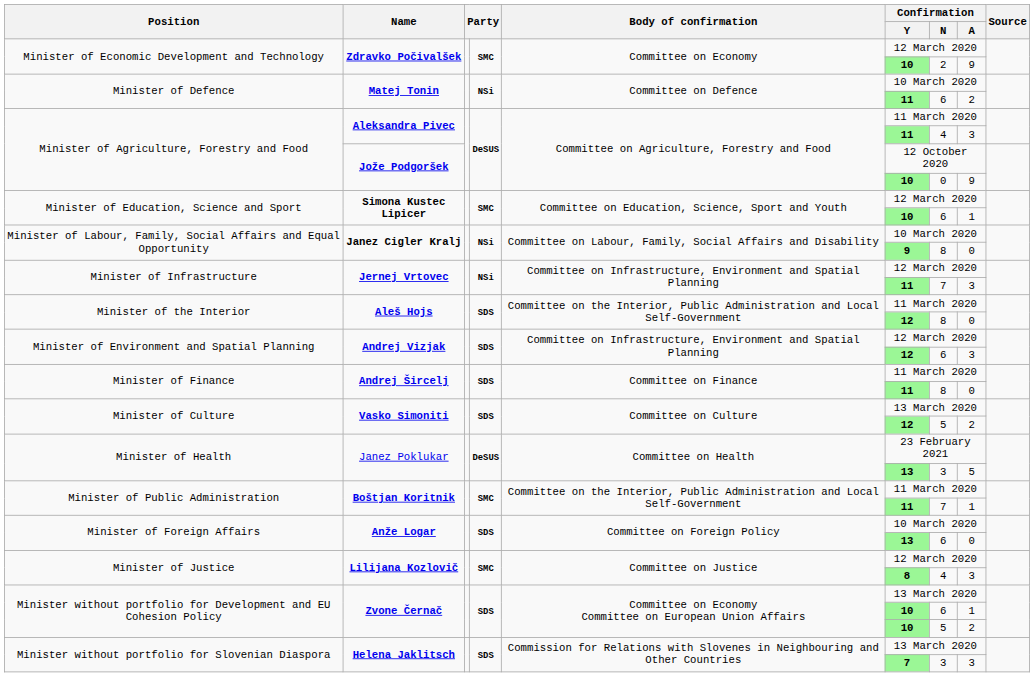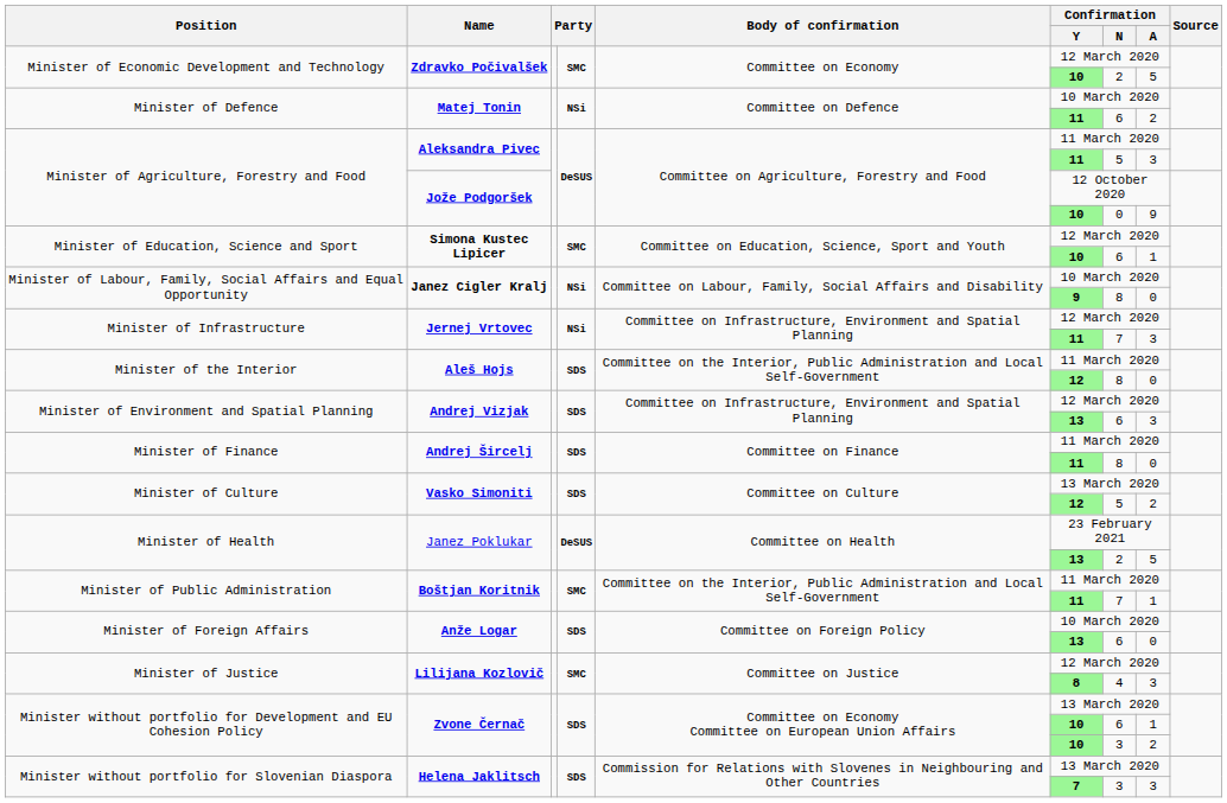 <table class="wikitable" style="text-align: center;">
 <tr>
 <th rowspan="2">Position</th>
 <th rowspan="2">Name</th>
 <th colspan="2" rowspan="2">Party</th>
 <th rowspan="2">Body of confirmation</th>
 <th colspan="3">Confirmation</th>
 <th rowspan="2">Source</th>
 </tr>
 <tr>
 <th>Y</th>
 <th>N</th>
 <th>A</th>
 </tr>
 <tr>
 <td rowspan="2">Minister of Economic Development and Technology</td>
 <td rowspan="2"><strong><a href='#'>Zdravko Počivalšek</a></strong></td>
 <td rowspan="2" style="background:"></td>
 <td rowspan="2"><strong><small>SMC</small></strong></td>
 <td rowspan="2">Committee on Economy</td>
 <td colspan="3">12 March 2020</td>
 <td rowspan="2"></td>
 </tr>
 <tr>
 <td style="background:#9bf796;"><strong>10</strong></td>
 <td>2</td>
-<td>9</td>
+<td>5</td>
 </tr>
 <tr>
 <td rowspan="2">Minister of Defence</td>
 <td rowspan="2"><strong><a href='#'>Matej Tonin</a></strong></td>
 <td rowspan="2" style="background:"></td>
 <td rowspan="2"><strong><small>NSi</small></strong></td>
 <td rowspan="2">Committee on Defence</td>
 <td colspan="3">10 March 2020</td>
 <td rowspan="2"></td>
 </tr>
 <tr>
 <td style="background:#9bf796;"><strong>11</strong></td>
 <td>6</td>
 <td>2</td>
 </tr>
 <tr>
 <td rowspan="4">Minister of Agriculture, Forestry and Food</td>
 <td rowspan="2"><strong><a href='#'>Aleksandra Pivec</a></strong></td>
 <td rowspan="4" style="background:"></td>
 <td rowspan="4"><strong><small>DeSUS</small></strong></td>
 <td rowspan="4">Committee on Agriculture, Forestry and Food</td>
 <td colspan="3">11 March 2020</td>
 <td rowspan="2"></td>
 </tr>
 <tr>
 <td style="background:#9bf796;"><strong>11</strong></td>
-<td>4</td>
+<td>5</td>
 <td>3</td>
 </tr>
 <tr>
 <td rowspan="2"><strong><a href='#'>Jože Podgoršek</a></strong></td>
 <td colspan="3">12 October 2020</td>
 <td rowspan="2"></td>
 </tr>
 <tr>
 <td style="background:#9bf796;"><strong>10</strong></td>
 <td>0</td>
 <td>9</td>
 </tr>
 <tr>
 <td rowspan="2">Minister of Education, Science and Sport</td>
 <td rowspan="2"><strong>Simona Kustec Lipicer</strong></td>
 <td rowspan="2" style="background:"></td>
 <td rowspan="2"><strong><small>SMC</small></strong></td>
 <td rowspan="2">Committee on Education, Science, Sport and Youth</td>
 <td colspan="3">12 March 2020</td>
 <td rowspan="2"></td>
 </tr>
 <tr>
 <td style="background:#9bf796;"><strong>10</strong></td>
 <td>6</td>
 <td>1</td>
 </tr>
 <tr>
 <td rowspan="2">Minister of Labour, Family, Social Affairs and Equal Opportunity</td>
 <td rowspan="2"><strong>Janez Cigler Kralj</strong></td>
 <td rowspan="2" style="background:"></td>
 <td rowspan="2"><strong><small>NSi</small></strong></td>
 <td rowspan="2">Committee on Labour, Family, Social Affairs and Disability</td>
 <td colspan="3">10 March 2020</td>
 <td rowspan="2"></td>
 </tr>
 <tr>
 <td style="background:#9bf796;"><strong>9</strong></td>
 <td>8</td>
 <td>0</td>
 </tr>
 <tr>
 <td rowspan="2">Minister of Infrastructure</td>
 <td rowspan="2"><strong><a href='#'>Jernej Vrtovec</a></strong></td>
 <td rowspan="2" style="background:"></td>
 <td rowspan="2"><strong><small>NSi</small></strong></td>
 <td rowspan="2">Committee on Infrastructure, Environment and Spatial Planning</td>
 <td colspan="3">12 March 2020</td>
 <td rowspan="2"></td>
 </tr>
 <tr>
 <td style="background:#9bf796;"><strong>11</strong></td>
 <td>7</td>
 <td>3</td>
 </tr>
 <tr>
 <td rowspan="2">Minister of the Interior</td>
 <td rowspan="2"><strong><a href='#'>Aleš Hojs</a></strong></td>
 <td rowspan="2" style="background:"></td>
 <td rowspan="2"><strong><small>SDS</small></strong></td>
 <td rowspan="2">Committee on the Interior, Public Administration and Local Self-Government</td>
 <td colspan="3">11 March 2020</td>
 <td rowspan="2"></td>
 </tr>
 <tr>
 <td style="background:#9bf796;"><strong>12</strong></td>
 <td>8</td>
 <td>0</td>
 </tr>
 <tr>
 <td rowspan="2">Minister of Environment and Spatial Planning</td>
 <td rowspan="2"><strong><a href='#'>Andrej Vizjak</a></strong></td>
 <td rowspan="2" style="background:"></td>
 <td rowspan="2"><strong><small>SDS</small></strong></td>
 <td rowspan="2">Committee on Infrastructure, Environment and Spatial Planning</td>
 <td colspan="3">12 March 2020</td>
 <td rowspan="2"></td>
 </tr>
 <tr>
-<td style="background:#9bf796;"><strong>12</strong></td>
+<td style="background:#9bf796;"><strong>13</strong></td>
 <td>6</td>
 <td>3</td>
 </tr>
 <tr>
 <td rowspan="2">Minister of Finance</td>
 <td rowspan="2"><strong><a href='#'>Andrej Šircelj</a></strong></td>
 <td rowspan="2" style="background:"></td>
 <td rowspan="2"><strong><small>SDS</small></strong></td>
 <td rowspan="2">Committee on Finance</td>
 <td colspan="3">11 March 2020</td>
 <td rowspan="2"></td>
 </tr>
 <tr>
 <td style="background:#9bf796;"><strong>11</strong></td>
 <td>8</td>
 <td>0</td>
 </tr>
 <tr>
 <td rowspan="2">Minister of Culture</td>
 <td rowspan="2"><strong><a href='#'>Vasko Simoniti</a></strong></td>
 <td rowspan="2" style="background:"></td>
 <td rowspan="2"><strong><small>SDS</small></strong></td>
 <td rowspan="2">Committee on Culture</td>
 <td colspan="3">13 March 2020</td>
 <td rowspan="2"></td>
 </tr>
 <tr>
 <td style="background:#9bf796;"><strong>12</strong></td>
 <td>5</td>
 <td>2</td>
 </tr>
 <tr>
 <td rowspan="2">Minister of Health</td>
 <td rowspan="2"><a href='#'>Janez Poklukar</a></td>
 <td rowspan="2" style="background:"></td>
 <td rowspan="2"><strong><small>DeSUS</small></strong></td>
 <td rowspan="2">Committee on Health</td>
 <td colspan="3">23 February 2021</td>
 <td rowspan="2"></td>
 </tr>
 <tr>
 <td style="background:#9bf796;"><strong>13</strong></td>
-<td>3</td>
+<td>2</td>
 <td>5</td>
 </tr>
 <tr>
 <td rowspan="2">Minister of Public Administration</td>
 <td rowspan="2"><strong><a href='#'>Boštjan Koritnik</a></strong></td>
 <td rowspan="2" style="background:"></td>
 <td rowspan="2"><strong><small>SMC</small></strong></td>
 <td rowspan="2">Committee on the Interior, Public Administration and Local Self-Government</td>
 <td colspan="3">11 March 2020</td>
 <td rowspan="2"></td>
 </tr>
 <tr>
 <td style="background:#9bf796;"><strong>11</strong></td>
 <td>7</td>
 <td>1</td>
 </tr>
 <tr>
 <td rowspan="2">Minister of Foreign Affairs</td>
 <td rowspan="2"><strong><a href='#'>Anže Logar</a></strong></td>
 <td rowspan="2" style="background:"></td>
 <td rowspan="2"><strong><small>SDS</small></strong></td>
 <td rowspan="2">Committee on Foreign Policy</td>
 <td colspan="3">10 March 2020</td>
 <td rowspan="2"></td>
 </tr>
 <tr>
 <td style="background:#9bf796;"><strong>13</strong></td>
 <td>6</td>
 <td>0</td>
 </tr>
 <tr>
 <td rowspan="2">Minister of Justice</td>
 <td rowspan="2"><strong><a href='#'>Lilijana Kozlovič</a></strong></td>
 <td rowspan="2" style="background:"></td>
 <td rowspan="2"><strong><small>SMC</small></strong></td>
 <td rowspan="2">Committee on Justice</td>
 <td colspan="3">12 March 2020</td>
 <td rowspan="2"></td>
 </tr>
 <tr>
 <td style="background:#9bf796;"><strong>8</strong></td>
 <td>4</td>
 <td>3</td>
 </tr>
 <tr>
 <td rowspan="3">Minister without portfolio for Development and EU Cohesion Policy</td>
 <td rowspan="3"><strong><a href='#'>Zvone Černač</a></strong></td>
 <td rowspan="3" style="background:"></td>
 <td rowspan="3"><strong><small>SDS</small></strong></td>
 <td rowspan="3">Committee on Economy<br>Committee on European Union Affairs</td>
 <td colspan="3">13 March 2020</td>
 <td rowspan="3"></td>
 </tr>
 <tr>
 <td style="background:#9bf796;"><strong>10</strong></td>
 <td>6</td>
 <td>1</td>
 </tr>
 <tr>
 <td style="background:#9bf796;"><strong>10</strong></td>
-<td>5</td>
+<td>3</td>
 <td>2</td>
 </tr>
 <tr>
 <td rowspan="2">Minister without portfolio for Slovenian Diaspora</td>
 <td rowspan="2"><strong><a href='#'>Helena Jaklitsch</a></strong></td>
 <td rowspan="2" style="background:"></td>
 <td rowspan="2"><strong><small>SDS</small></strong></td>
 <td rowspan="2">Commission for Relations with Slovenes in Neighbouring and Other Countries</td>
 <td colspan="3">13 March 2020</td>
 <td rowspan="2"></td>
 </tr>
 <tr>
 <td style="background:#9bf796;"><strong>7</strong></td>
 <td>3</td>
 <td>3</td>
 </tr>
 </table>
